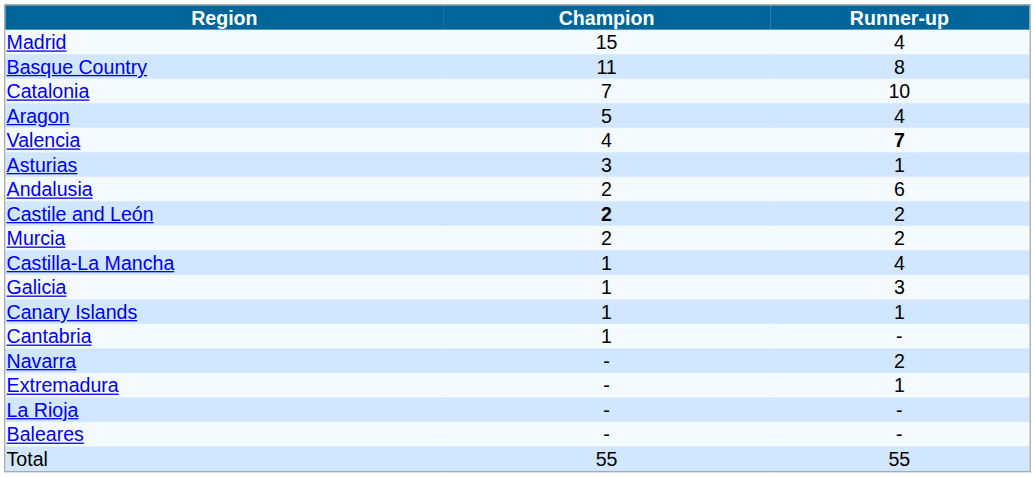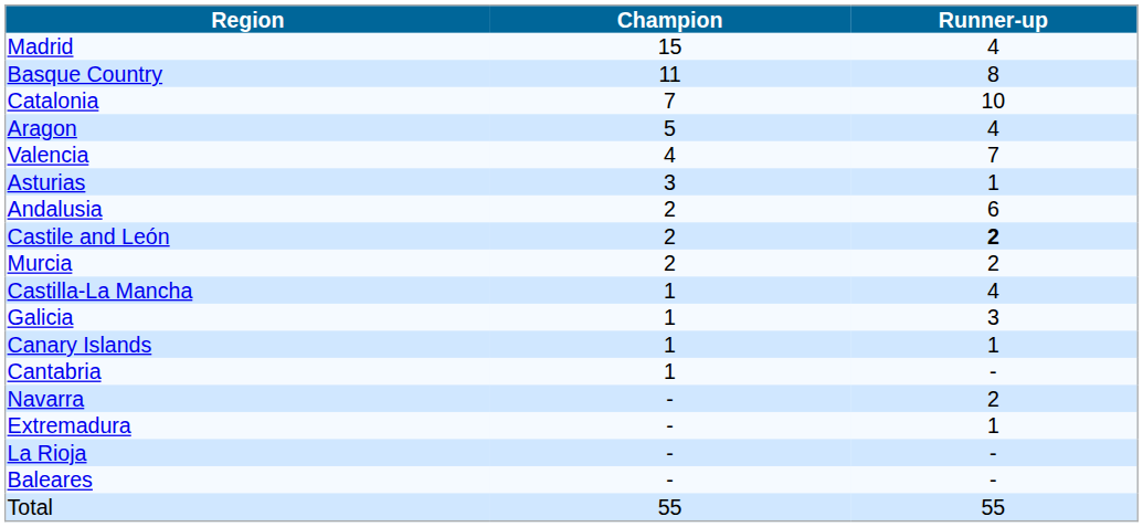 <table cellspacing="0" style="background: #EBF5FF; border: 1px #aaa solid; border-collapse: collapse; font-size: 95%;" width=90%>
 <tr bgcolor=#006699 style="color:white;">
 <th width="100px">Region</th>
 <th width="20px">Champion</th>
 <th width="20px">Runner-up</th>
 </tr>
 <tr ---- align="center">
 </tr>
 <tr ---- bgcolor="#F5FAFF">
 <td> <a href='#'>Madrid</a></td>
 <td align="center">15</td>
 <td align="center">4</td>
 </tr>
 <tr ---- align="center">
 </tr>
 <tr ---- bgcolor="#D0E7FF">
 <td> <a href='#'>Basque Country</a></td>
 <td align="center">11</td>
 <td align="center">8</td>
 </tr>
 <tr ---- align="center">
 </tr>
 <tr ---- bgcolor="#F5FAFF">
 <td> <a href='#'>Catalonia</a></td>
 <td align="center">7</td>
 <td align="center">10</td>
 </tr>
 <tr ---- align="center">
 </tr>
 <tr ---- bgcolor="#D0E7FF">
 <td> <a href='#'>Aragon</a></td>
 <td align="center">5</td>
 <td align="center">4</td>
 </tr>
 <tr ---- align="center">
 </tr>
 <tr ---- bgcolor="#F5FAFF">
 <td> <a href='#'>Valencia</a></td>
 <td align="center">4</td>
-<td align="center"><strong>7</strong></td>
+<td align="center">7</td>
 </tr>
 <tr ---- align="center">
 </tr>
 <tr ---- bgcolor="#D0E7FF">
 <td> <a href='#'>Asturias</a></td>
 <td align="center">3</td>
 <td align="center">1</td>
 </tr>
 <tr ---- align="center">
 </tr>
 <tr ---- bgcolor="#F5FAFF">
 <td> <a href='#'>Andalusia</a></td>
 <td align="center">2</td>
 <td align="center">6</td>
 </tr>
 <tr ---- align="center">
 </tr>
 <tr ---- bgcolor="#D0E7FF">
 <td> <a href='#'>Castile and León</a></td>
+<td align="center">2</td>
 <td align="center"><strong>2</strong></td>
-<td align="center">2</td>
 </tr>
 <tr ---- align="center">
 </tr>
 <tr ---- bgcolor="#F5FAFF">
 <td> <a href='#'>Murcia</a></td>
 <td align="center">2</td>
 <td align="center">2</td>
 </tr>
 <tr ---- align="center">
 </tr>
 <tr ---- bgcolor="#D0E7FF">
 <td> <a href='#'>Castilla-La Mancha</a></td>
 <td align="center">1</td>
 <td align="center">4</td>
 </tr>
 <tr ---- align="center">
 </tr>
 <tr ---- bgcolor="#F5FAFF">
 <td> <a href='#'>Galicia</a></td>
 <td align="center">1</td>
 <td align="center">3</td>
 </tr>
 <tr ---- align="center">
 </tr>
 <tr ---- bgcolor="#D0E7FF">
 <td> <a href='#'>Canary Islands</a></td>
 <td align="center">1</td>
 <td align="center">1</td>
 </tr>
 <tr ---- align="center">
 </tr>
 <tr ---- bgcolor="#F5FAFF">
 <td> <a href='#'>Cantabria</a></td>
 <td align="center">1</td>
 <td align="center">-</td>
 </tr>
 <tr ---- align="center">
 </tr>
 <tr ---- bgcolor="#D0E7FF">
 <td> <a href='#'>Navarra</a></td>
 <td align="center">-</td>
 <td align="center">2</td>
 </tr>
 <tr ---- align="center">
 </tr>
 <tr ---- bgcolor="#F5FAFF">
 <td> <a href='#'>Extremadura</a></td>
 <td align="center">-</td>
 <td align="center">1</td>
 </tr>
 <tr ---- align="center">
 </tr>
 <tr ---- bgcolor="#D0E7FF">
 <td><a href='#'>La Rioja</a></td>
 <td align="center">-</td>
 <td align="center">-</td>
 </tr>
 <tr ---- align="center">
 </tr>
 <tr ---- bgcolor="#F5FAFF">
 <td> <a href='#'>Baleares</a></td>
 <td align="center">-</td>
 <td align="center">-</td>
 </tr>
 <tr ---- align="center">
 </tr>
 <tr ---- bgcolor="#D0E7FF">
 <td>Total</td>
 <td align="center">55</td>
 <td align="center">55</td>
 </tr>
 </table>
